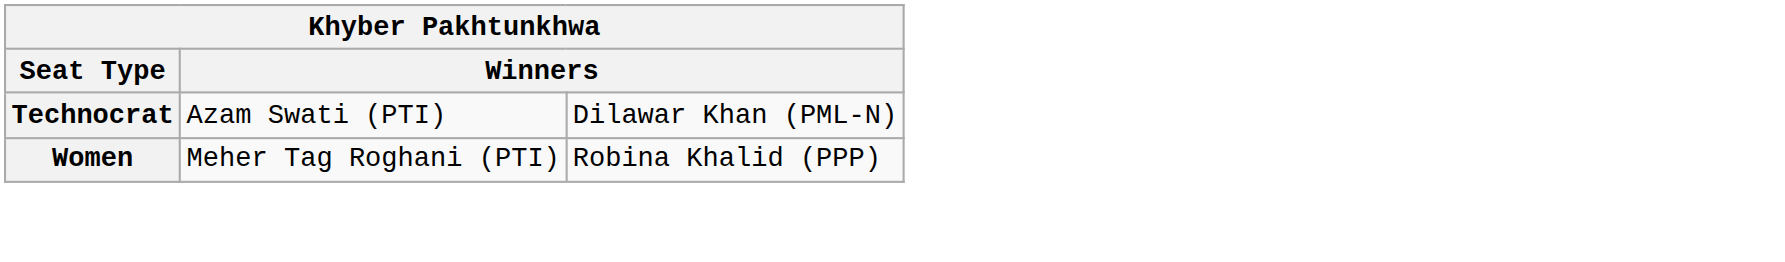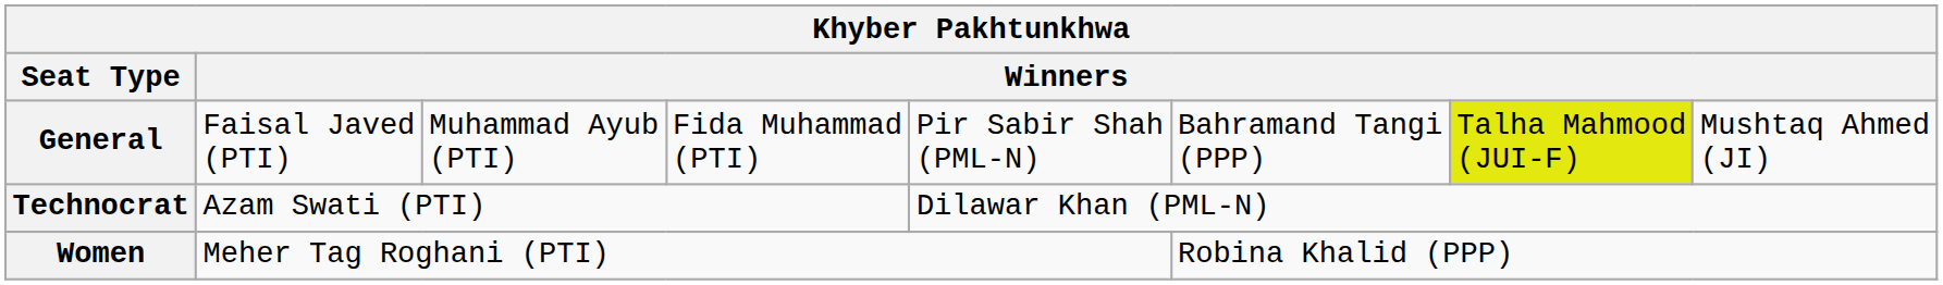 <table class="wikitable">
 <tr>
 <th colspan="8">Khyber Pakhtunkhwa</th>
 </tr>
 <tr>
 <th>Seat Type</th>
 <th colspan="7">Winners</th>
+</tr>
+<tr>
+<th>General</th>
+<td style="background:">Faisal Javed<br>(PTI)</td>
+<td style="background:">Muhammad Ayub<br>(PTI)</td>
+<td style="background:">Fida Muhammad<br>(PTI)</td>
+<td style="background:">Pir Sabir Shah<br>(PML-N)</td>
+<td style="background:">Bahramand Tangi<br>(PPP)</td>
+<td style="background:#E3E80F">Talha Mahmood<br>(JUI-F)</td>
+<td style="background:">Mushtaq Ahmed<br>(JI)</td>
 </tr>
 <tr>
 <th>Technocrat</th>
 <td colspan="3" style="background:">Azam Swati (PTI)</td>
 <td colspan="4" style="background:">Dilawar Khan (PML-N)</td>
 </tr>
 <tr>
 <th>Women</th>
 <td colspan="4" style="background:">Meher Tag Roghani (PTI)</td>
 <td colspan="3" style="background:">Robina Khalid (PPP)</td>
 </tr>
 </table>
